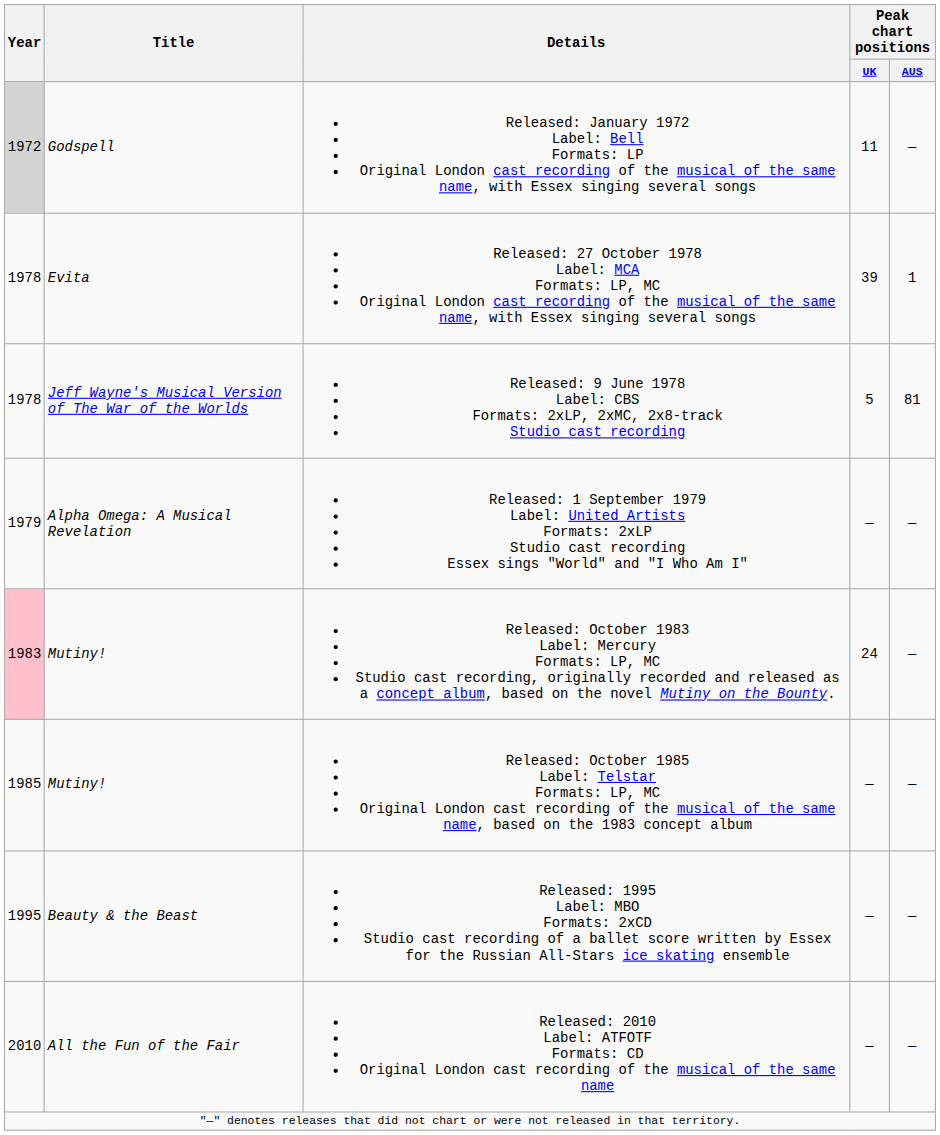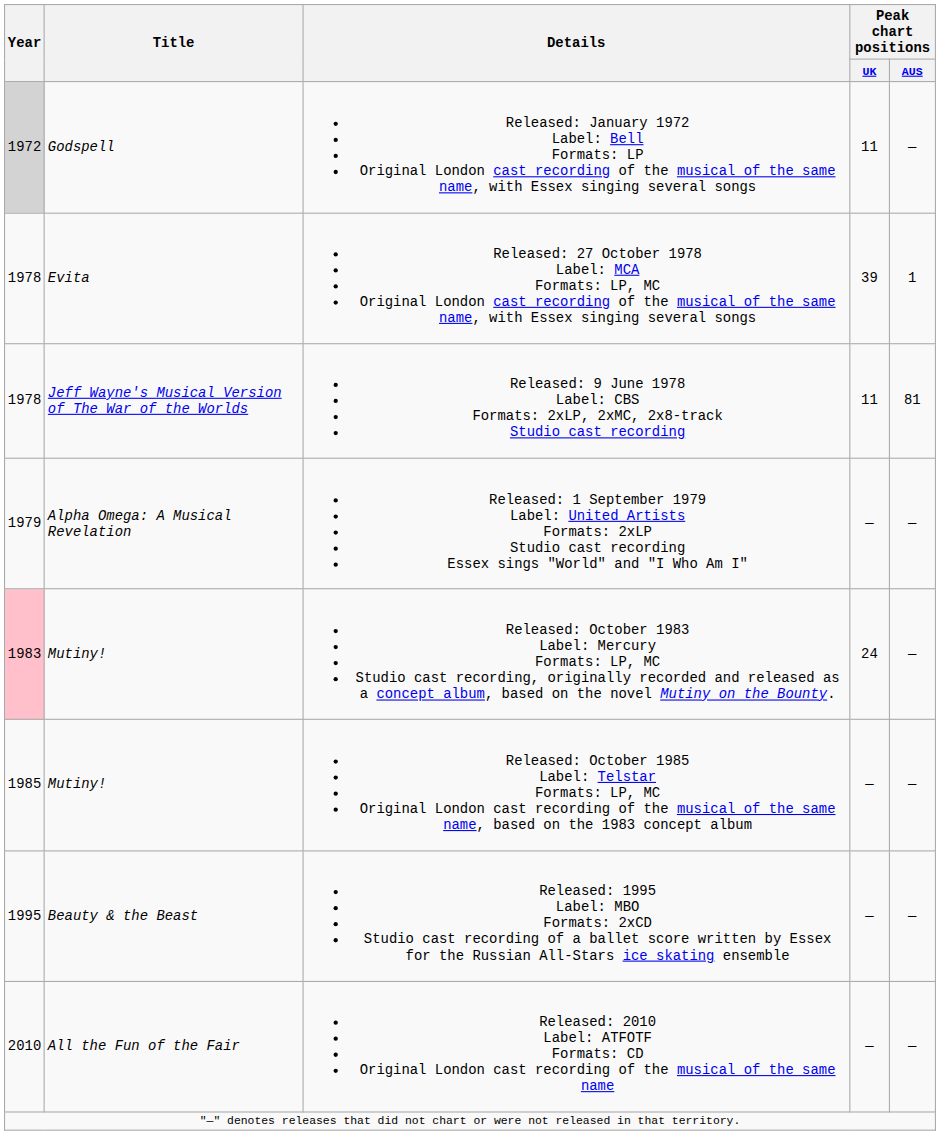 <table class="wikitable" style="text-align:center">
 <tr>
 <th rowspan="2">Year</th>
 <th rowspan="2">Title</th>
 <th rowspan="2">Details</th>
 <th colspan="2">Peak chart<br>positions</th>
 </tr>
 <tr>
 <th><small><a href='#'>UK</a></small><br></th>
 <th><small><a href='#'>AUS</a></small><br></th>
 </tr>
 <tr>
 <td style="background: lightgrey;">1972</td>
 <td align="left"><em>Godspell</em></td>
 <td><br><ul><li>Released: January 1972</li><li>Label: <a href='#'>Bell</a></li><li>Formats: LP</li><li>Original London <a href='#'>cast recording</a> of the <a href='#'>musical of the same name</a>, with Essex singing several songs</li></ul></td>
 <td>11</td>
 <td>—</td>
 </tr>
 <tr>
 <td>1978</td>
 <td align="left"><em>Evita</em></td>
 <td><br><ul><li>Released: 27 October 1978</li><li>Label: <a href='#'>MCA</a></li><li>Formats: LP, MC</li><li>Original London <a href='#'>cast recording</a> of the <a href='#'>musical of the same name</a>, with Essex singing several songs</li></ul></td>
 <td>39</td>
 <td>1</td>
 </tr>
 <tr>
 <td>1978</td>
 <td align="left"><em><a href='#'>Jeff Wayne's Musical Version of The War of the Worlds</a></em></td>
 <td><br><ul><li>Released: 9 June 1978</li><li>Label: CBS</li><li>Formats: 2xLP, 2xMC, 2x8-track</li><li><a href='#'>Studio cast recording</a></li></ul></td>
-<td>5</td>
+<td>11</td>
 <td>81</td>
 </tr>
 <tr>
 <td>1979</td>
 <td align="left"><em>Alpha Omega: A Musical Revelation</em></td>
 <td><br><ul><li>Released: 1 September 1979</li><li>Label: <a href='#'>United Artists</a></li><li>Formats: 2xLP</li><li>Studio cast recording</li><li>Essex sings "World" and "I Who Am I"</li></ul></td>
 <td>—</td>
 <td>—</td>
 </tr>
 <tr>
 <td style="background: pink;">1983</td>
 <td align="left"><em>Mutiny!</em></td>
 <td><br><ul><li>Released: October 1983</li><li>Label: Mercury</li><li>Formats: LP, MC</li><li>Studio cast recording, originally recorded and released as a <a href='#'>concept album</a>, based on the novel <em><a href='#'>Mutiny on the Bounty</a></em>.</li></ul></td>
 <td>24</td>
 <td>—</td>
 </tr>
 <tr>
 <td>1985</td>
 <td align="left"><em>Mutiny!</em></td>
 <td><br><ul><li>Released: October 1985</li><li>Label: <a href='#'>Telstar</a></li><li>Formats: LP, MC</li><li>Original London cast recording of the <a href='#'>musical of the same name</a>, based on the 1983 concept album</li></ul></td>
 <td>—</td>
 <td>—</td>
 </tr>
 <tr>
 <td>1995</td>
 <td align="left"><em>Beauty & the Beast</em></td>
 <td><br><ul><li>Released: 1995</li><li>Label: MBO</li><li>Formats: 2xCD</li><li>Studio cast recording of a ballet score written by Essex for the Russian All-Stars <a href='#'>ice skating</a> ensemble</li></ul></td>
 <td>—</td>
 <td>—</td>
 </tr>
 <tr>
 <td>2010</td>
 <td align="left"><em>All the Fun of the Fair</em></td>
 <td><br><ul><li>Released: 2010</li><li>Label: ATFOTF</li><li>Formats: CD</li><li>Original London cast recording of the <a href='#'>musical of the same name</a></li></ul></td>
 <td>—</td>
 <td>—</td>
 </tr>
 <tr>
 <td colspan="5" style="font-size:8pt">"—" denotes releases that did not chart or were not released in that territory.</td>
 </tr>
 </table>
